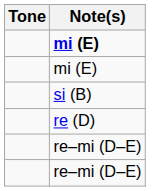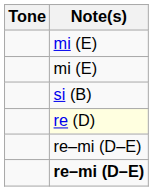 <table class="wikitable">
 <tr>
 <th>Tone</th>
 <th>Note(s)</th>
 </tr>
 <tr>
 <td></td>
-<td><strong><a href='#'>mi</a> (E)</strong></td>
+<td><a href='#'>mi</a> (E)</td>
 </tr>
 <tr>
 <td></td>
 <td>mi (E)</td>
 </tr>
 <tr>
 <td></td>
 <td><a href='#'>si</a> (B)</td>
 </tr>
 <tr>
 <td></td>
-<td><a href='#'>re</a> (D)</td>
+<td style="background: lightyellow;"><a href='#'>re</a> (D)</td>
 </tr>
 <tr>
 <td></td>
 <td>re–mi (D–E)</td>
 </tr>
 <tr>
 <td></td>
-<td>re–mi (D–E)</td>
+<td><strong>re–mi (D–E)</strong></td>
 </tr>
 </table>
